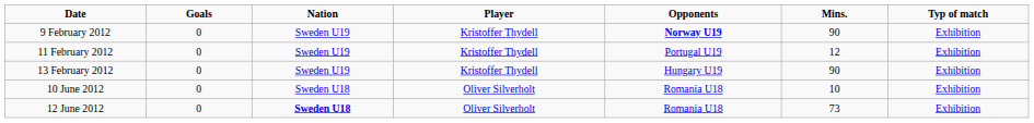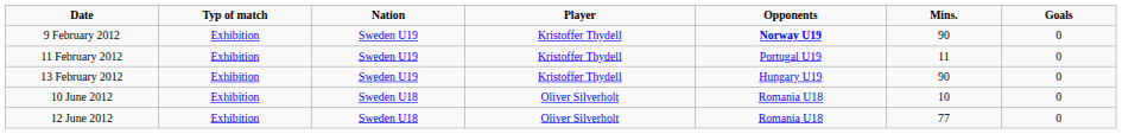 <table class= width=90% border="2" cellpadding="4" cellspacing="0" style="text-align=center: 1em 1em 1em 0; background: #f9f9f9; border: 1px #aaa solid; border-collapse: collapse; font-size: 95%;">
 <tr>
 <th width=8%>Date</th>
-<th width=6%>Goals</th>
+<th width=8%>Typ of match</th>
 <th width=8%>Nation</th>
 <th width=12%>Player</th>
 <th width=10%>Opponents</th>
 <th width=6%>Mins.</th>
-<th width=8%>Typ of match</th>
+<th width=6%>Goals</th>
 </tr>
 <tr>
 <td align=center>9 February 2012</td>
-<td align=center>0</td>
+<td align=center><a href='#'>Exhibition</a></td>
 <td align=center> <a href='#'>Sweden U19</a></td>
 <td align=center><a href='#'>Kristoffer Thydell</a></td>
 <td align=center><strong> <a href='#'>Norway U19</a></strong></td>
 <td align=center>90</td>
-<td align=center><a href='#'>Exhibition</a></td>
+<td align=center>0</td>
 </tr>
 <tr>
 <td align=center>11 February 2012</td>
-<td align=center>0</td>
+<td align=center><a href='#'>Exhibition</a></td>
 <td align=center> <a href='#'>Sweden U19</a></td>
 <td align=center><a href='#'>Kristoffer Thydell</a></td>
 <td align=center> <a href='#'>Portugal U19</a></td>
-<td align=center>12</td>
-<td align=center><a href='#'>Exhibition</a></td>
+<td align=center>11</td>
+<td align=center>0</td>
 </tr>
 <tr>
 <td align=center>13 February 2012</td>
-<td align=center>0</td>
+<td align=center><a href='#'>Exhibition</a></td>
 <td align=center> <a href='#'>Sweden U19</a></td>
 <td align=center><a href='#'>Kristoffer Thydell</a></td>
 <td align=center> <a href='#'>Hungary U19</a></td>
 <td align=center>90</td>
-<td align=center><a href='#'>Exhibition</a></td>
+<td align=center>0</td>
 </tr>
 <tr>
 <td align=center>10 June 2012</td>
-<td align=center>0</td>
+<td align=center><a href='#'>Exhibition</a></td>
 <td align=center> <a href='#'>Sweden U18</a></td>
 <td align=center><a href='#'>Oliver Silverholt</a></td>
 <td align=center> <a href='#'>Romania U18</a></td>
 <td align=center>10</td>
-<td align=center><a href='#'>Exhibition</a></td>
+<td align=center>0</td>
 </tr>
 <tr>
 <td align=center>12 June 2012</td>
-<td align=center>0</td>
-<td align=center><strong> <a href='#'>Sweden U18</a></strong></td>
+<td align=center><a href='#'>Exhibition</a></td>
+<td align=center> <a href='#'>Sweden U18</a></td>
 <td align=center><a href='#'>Oliver Silverholt</a></td>
 <td align=center> <a href='#'>Romania U18</a></td>
-<td align=center>73</td>
-<td align=center><a href='#'>Exhibition</a></td>
+<td align=center>77</td>
+<td align=center>0</td>
 </tr>
 </table>
